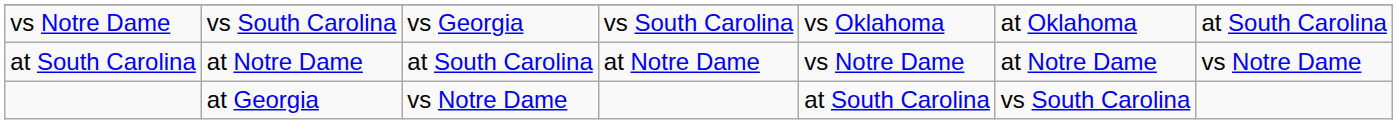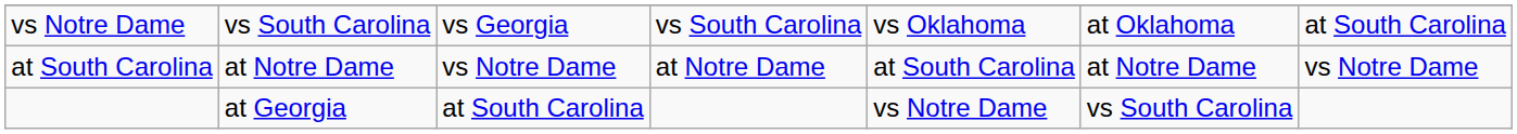 <table class="wikitable">
 <tr>
 </tr>
 <tr>
 <td>vs <a href='#'>Notre Dame</a></td>
 <td>vs <a href='#'>South Carolina</a></td>
 <td>vs <a href='#'>Georgia</a></td>
 <td>vs <a href='#'>South Carolina</a></td>
 <td>vs <a href='#'>Oklahoma</a></td>
 <td>at <a href='#'>Oklahoma</a></td>
 <td>at <a href='#'>South Carolina</a></td>
 </tr>
 <tr>
 <td>at <a href='#'>South Carolina</a></td>
 <td>at <a href='#'>Notre Dame</a></td>
+<td>vs <a href='#'>Notre Dame</a></td>
+<td>at <a href='#'>Notre Dame</a></td>
 <td>at <a href='#'>South Carolina</a></td>
-<td>at <a href='#'>Notre Dame</a></td>
-<td>vs <a href='#'>Notre Dame</a></td>
 <td>at <a href='#'>Notre Dame</a></td>
 <td>vs <a href='#'>Notre Dame</a></td>
 </tr>
 <tr>
 <td></td>
 <td>at <a href='#'>Georgia</a></td>
+<td>at <a href='#'>South Carolina</a></td>
+<td></td>
 <td>vs <a href='#'>Notre Dame</a></td>
-<td></td>
-<td>at <a href='#'>South Carolina</a></td>
 <td>vs <a href='#'>South Carolina</a></td>
 <td></td>
 </tr>
 </table>
